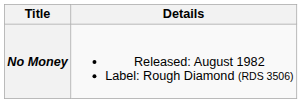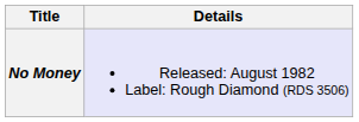 <table class="wikitable plainrowheaders" style="text-align:center;" border="1">
 <tr>
 <th scope="col">Title</th>
 <th scope="col">Details</th>
 </tr>
 <tr>
 <th scope="row"><em>No Money</em></th>
-<td><br><ul><li>Released: August 1982</li><li>Label: Rough Diamond <small>(RDS 3506)</small></li></ul></td>
+<td style="background: lavender;"><br><ul><li>Released: August 1982</li><li>Label: Rough Diamond <small>(RDS 3506)</small></li></ul></td>
 </tr>
 </table>
